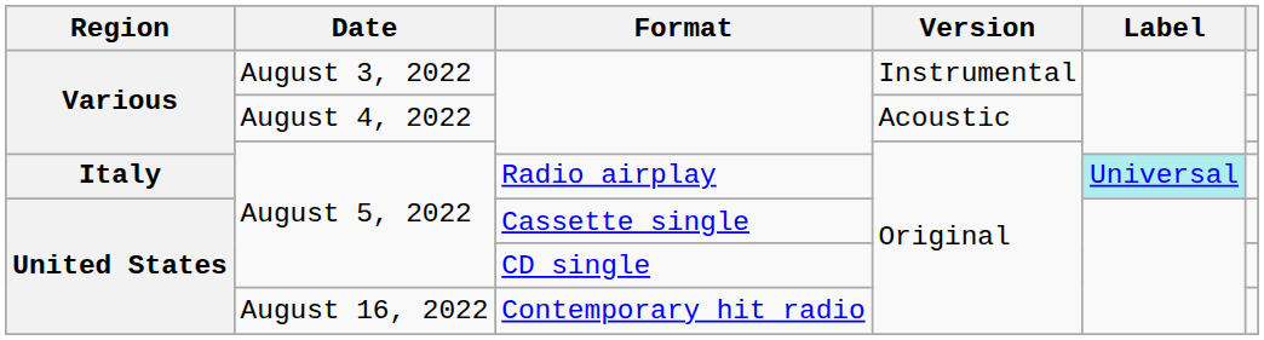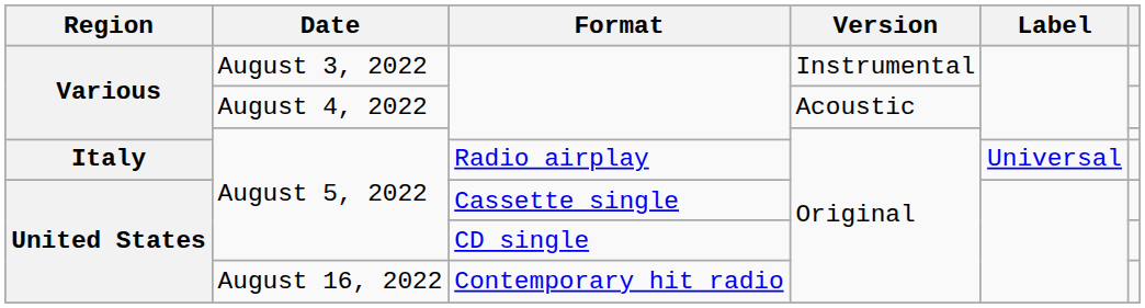 <table class="wikitable plainrowheaders">
 <tr>
 <th scope="col">Region</th>
 <th scope="col">Date</th>
 <th scope="col">Format</th>
 <th scope="col">Version</th>
 <th scope="col">Label</th>
 <th scope="col"></th>
 </tr>
 <tr>
 <th scope="row" rowspan="3">Various</th>
 <td>August 3, 2022</td>
 <td rowspan="3"></td>
 <td>Instrumental</td>
 <td rowspan="3"></td>
 <td style="text-align: center;"></td>
 </tr>
 <tr>
 <td>August 4, 2022</td>
 <td>Acoustic</td>
 <td style="text-align: center;"></td>
 </tr>
 <tr>
 <td rowspan="4">August 5, 2022</td>
 <td rowspan="5">Original</td>
 <td style="text-align: center;"></td>
 </tr>
 <tr>
 <th scope="row">Italy</th>
 <td><a href='#'>Radio airplay</a></td>
-<td style="background: paleturquoise;"><a href='#'>Universal</a></td>
+<td><a href='#'>Universal</a></td>
 <td style="text-align: center;"></td>
 </tr>
 <tr>
 <th scope="row" rowspan="3">United States</th>
 <td><a href='#'>Cassette single</a></td>
 <td rowspan="3"></td>
 <td style="text-align: center;"></td>
 </tr>
 <tr>
 <td><a href='#'>CD single</a></td>
 <td style="text-align: center;"></td>
 </tr>
 <tr>
 <td>August 16, 2022</td>
 <td><a href='#'>Contemporary hit radio</a></td>
 <td style="text-align: center;"></td>
 </tr>
 </table>
